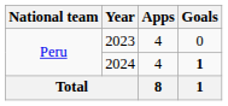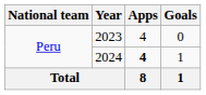 <table class="wikitable" style="text-align:center">
 <tr>
 <th>National team</th>
 <th>Year</th>
 <th>Apps</th>
 <th>Goals</th>
 </tr>
 <tr>
 <td rowspan="2"><a href='#'>Peru</a></td>
 <td>2023</td>
 <td>4</td>
 <td>0</td>
 </tr>
 <tr>
 <td>2024</td>
-<td>4</td>
-<td><strong>1</strong></td>
+<td><strong>4</strong></td>
+<td>1</td>
 </tr>
 <tr>
 <th colspan="2">Total</th>
 <th>8</th>
 <th>1</th>
 </tr>
 </table>
